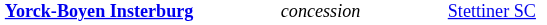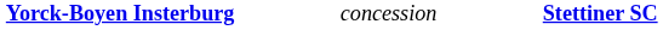 <table width=100% cellspacing=1>
 <tr>
 <th width=25%></th>
 <th width=10%></th>
 <th width=25%></th>
 <th></th>
 </tr>
 <tr style=font-size:90%>
 <td align=right><strong><a href='#'>Yorck-Boyen Insterburg</a></strong></td>
 <td align=center><em>concession</em></td>
-<td><a href='#'>Stettiner SC</a></td>
+<td><strong><a href='#'>Stettiner SC</a></strong></td>
 </tr>
 </table>
